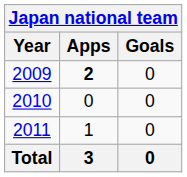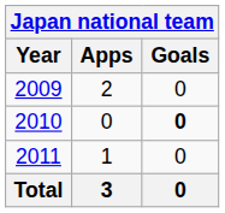 <table class="wikitable" style="text-align:center">
 <tr>
 <th colspan=3><a href='#'>Japan national team</a></th>
 </tr>
 <tr>
 <th>Year</th>
 <th>Apps</th>
 <th>Goals</th>
 </tr>
 <tr>
 <td><a href='#'>2009</a></td>
-<td><strong>2</strong></td>
+<td>2</td>
 <td>0</td>
 </tr>
 <tr>
 <td><a href='#'>2010</a></td>
 <td>0</td>
-<td>0</td>
+<td><strong>0</strong></td>
 </tr>
 <tr>
 <td><a href='#'>2011</a></td>
 <td>1</td>
 <td>0</td>
 </tr>
 <tr>
 <th>Total</th>
 <th>3</th>
 <th>0</th>
 </tr>
 </table>
